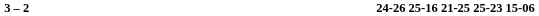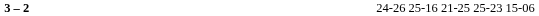 <table width=100% cellspacing=1>
 <tr>
 <th width=20%></th>
 <th width=12%></th>
 <th width=20%></th>
 <th width=33%></th>
 <td></td>
 </tr>
 <tr style=font-size:90%>
 <td align=right><strong></strong></td>
 <td align=center><strong>3 – 2</strong></td>
 <td></td>
-<td><strong>24-26 25-16 21-25 25-23 15-06</strong></td>
+<td>24-26 25-16 21-25 25-23 15-06</td>
 </tr>
 </table>
